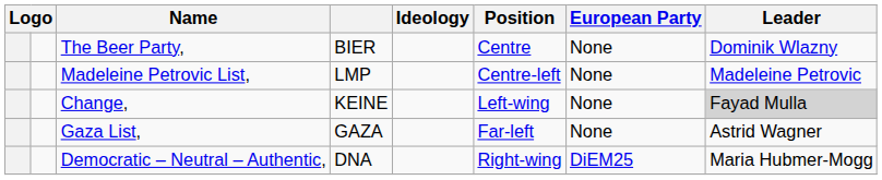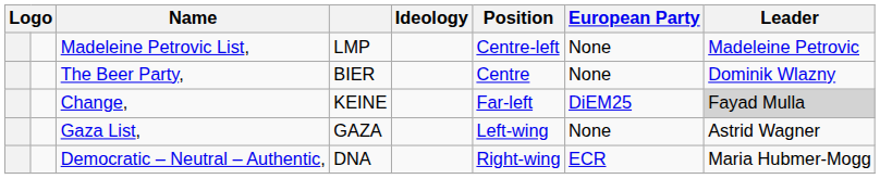 <table class="wikitable">
 <tr>
 <th colspan=2>Logo</th>
 <th>Name</th>
 <th></th>
 <th>Ideology</th>
 <th>Position</th>
 <th><a href='#'>European Party</a></th>
 <th>Leader</th>
+</tr>
+<tr>
+<th style="background-color: "></th>
+<td></td>
+<td><a href='#'>Madeleine Petrovic List</a>,    <br><small></small></td>
+<td>LMP</td>
+<td></td>
+<td><a href='#'>Centre-left</a></td>
+<td>None</td>
+<td><a href='#'>Madeleine Petrovic</a></td>
 </tr>
 <tr>
 <th style="background-color: "></th>
 <td></td>
 <td><a href='#'>The Beer Party</a>,     <br><small></small></td>
 <td>BIER</td>
 <td></td>
 <td><a href='#'>Centre</a></td>
 <td>None</td>
 <td><a href='#'>Dominik Wlazny</a></td>
 </tr>
 <tr>
 <th style="background-color: "></th>
 <td></td>
-<td><a href='#'>Madeleine Petrovic List</a>,    <br><small></small></td>
-<td>LMP</td>
-<td></td>
-<td><a href='#'>Centre-left</a></td>
-<td>None</td>
-<td><a href='#'>Madeleine Petrovic</a></td>
-</tr>
-<tr>
-<th style="background-color: "></th>
-<td></td>
 <td><a href='#'>Change</a>,  <br><small></small></td>
 <td>KEINE</td>
 <td></td>
-<td><a href='#'>Left-wing</a></td>
-<td>None</td>
+<td><a href='#'>Far-left</a></td>
+<td><a href='#'>DiEM25</a></td>
 <td style="background: lightgrey;">Fayad Mulla</td>
 </tr>
 <tr>
 <th style="background-color: "></th>
 <td style=text-align:center></td>
 <td><a href='#'>Gaza List</a>,    <br><small></small></td>
 <td>GAZA</td>
 <td></td>
-<td><a href='#'>Far-left</a></td>
+<td><a href='#'>Left-wing</a></td>
 <td>None</td>
 <td>Astrid Wagner</td>
 </tr>
 <tr>
 <th style="background-color: "></th>
 <td></td>
 <td><a href='#'>Democratic – Neutral – Authentic</a>,    <br><small></small></td>
 <td>DNA</td>
 <td></td>
 <td><a href='#'>Right-wing</a></td>
-<td><a href='#'>DiEM25</a></td>
+<td><a href='#'>ECR</a></td>
 <td>Maria Hubmer-Mogg</td>
 </tr>
 <tr>
 </tr>
 </table>
